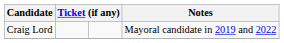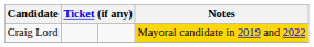 <table class="wikitable" style="font-size: 95%">
 <tr>
 <th>Candidate</th>
 <th colspan="2"><a href='#'>Ticket</a> (if any)</th>
 <th>Notes</th>
 </tr>
 <tr>
 <td>Craig Lord</td>
 <td></td>
 <td></td>
-<td>Mayoral candidate in <a href='#'>2019</a> and <a href='#'>2022</a></td>
+<td style="background: gold;">Mayoral candidate in <a href='#'>2019</a> and <a href='#'>2022</a></td>
 </tr>
 <tr>
 </tr>
 </table>
